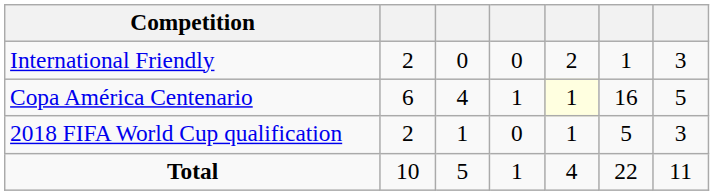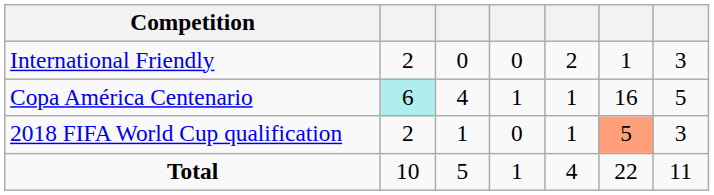 <table class="wikitable" style="text-align: center;">
 <tr>
 <th width=250>Competition</th>
 <th width=30></th>
 <th width=30></th>
 <th width=30></th>
 <th width=30></th>
 <th width=30></th>
 <th width=30></th>
 </tr>
 <tr>
 <td align="left"><a href='#'>International Friendly</a></td>
 <td>2</td>
 <td>0</td>
 <td>0</td>
 <td>2</td>
 <td>1</td>
 <td>3</td>
 </tr>
 <tr>
 <td align="left"><a href='#'>Copa América Centenario</a></td>
-<td>6</td>
+<td style="background: paleturquoise;">6</td>
 <td>4</td>
 <td>1</td>
-<td style="background: lightyellow;">1</td>
+<td>1</td>
 <td>16</td>
 <td>5</td>
 </tr>
 <tr>
 <td align="left"><a href='#'>2018 FIFA World Cup qualification</a></td>
 <td>2</td>
 <td>1</td>
 <td>0</td>
 <td>1</td>
-<td>5</td>
+<td style="background: lightsalmon;">5</td>
 <td>3</td>
 </tr>
 <tr>
 <td><strong>Total</strong></td>
 <td>10</td>
 <td>5</td>
 <td>1</td>
 <td>4</td>
 <td>22</td>
 <td>11</td>
 </tr>
 </table>
